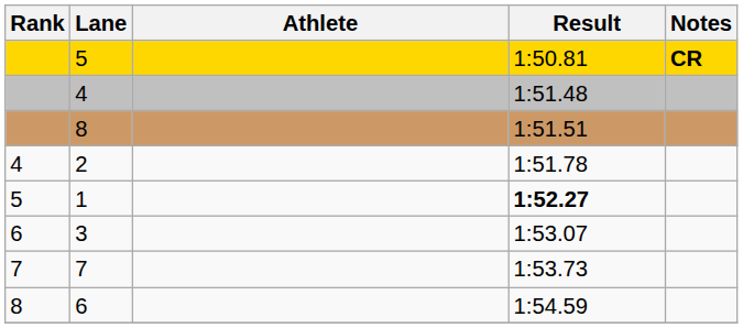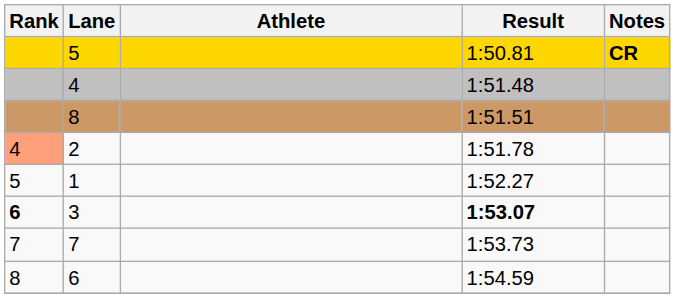 <table class="wikitable" style="font-size:95%" style="width:35em;" style="text-align:center">
 <tr>
 <th>Rank</th>
 <th>Lane</th>
 <th width=250>Athlete</th>
 <th width=100>Result</th>
 <th>Notes</th>
 </tr>
 <tr bgcolor=gold>
 <td></td>
 <td>5</td>
 <td align=left></td>
 <td>1:50.81</td>
 <td><strong>CR</strong></td>
 </tr>
 <tr bgcolor=silver>
 <td></td>
 <td>4</td>
 <td align=left></td>
 <td>1:51.48</td>
 <td></td>
 </tr>
 <tr bgcolor=cc9966>
 <td></td>
 <td>8</td>
 <td align=left></td>
 <td>1:51.51</td>
 <td></td>
 </tr>
 <tr>
-<td>4</td>
+<td style="background: lightsalmon;">4</td>
 <td>2</td>
 <td align=left></td>
 <td>1:51.78</td>
 <td></td>
 </tr>
 <tr>
 <td>5</td>
 <td>1</td>
 <td align=left></td>
-<td><strong>1:52.27</strong></td>
+<td>1:52.27</td>
 <td></td>
 </tr>
 <tr>
-<td>6</td>
+<td><strong>6</strong></td>
 <td>3</td>
 <td align=left></td>
-<td>1:53.07</td>
+<td><strong>1:53.07</strong></td>
 <td></td>
 </tr>
 <tr>
 <td>7</td>
 <td>7</td>
 <td align=left></td>
 <td>1:53.73</td>
 <td></td>
 </tr>
 <tr>
 <td>8</td>
 <td>6</td>
 <td align=left></td>
 <td>1:54.59</td>
 <td></td>
 </tr>
 <tr>
 </tr>
 </table>
